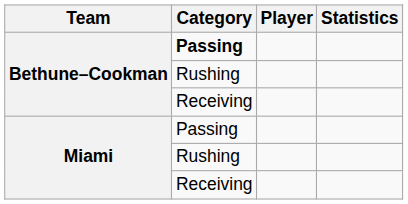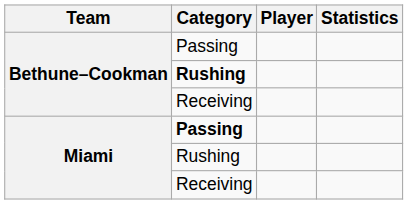 <table class="wikitable" style="float:right">
 <tr>
 <th>Team</th>
 <th>Category</th>
 <th>Player</th>
 <th>Statistics</th>
 </tr>
 <tr>
 <th rowspan=3>Bethune–Cookman</th>
+<td>Passing</td>
+<td></td>
+<td></td>
+</tr>
+<tr>
+<td><strong>Rushing</strong></td>
+<td></td>
+<td></td>
+</tr>
+<tr>
+<td>Receiving</td>
+<td></td>
+<td></td>
+</tr>
+<tr>
+<th rowspan=3>Miami</th>
 <td><strong>Passing</strong></td>
 <td></td>
 <td></td>
 </tr>
 <tr>
 <td>Rushing</td>
 <td></td>
 <td></td>
 </tr>
 <tr>
 <td>Receiving</td>
 <td></td>
 <td></td>
 </tr>
-<tr>
-<th rowspan=3>Miami</th>
-<td>Passing</td>
-<td></td>
-<td></td>
-</tr>
-<tr>
-<td>Rushing</td>
-<td></td>
-<td></td>
-</tr>
-<tr>
-<td>Receiving</td>
-<td></td>
-<td></td>
-</tr>
 </table>
